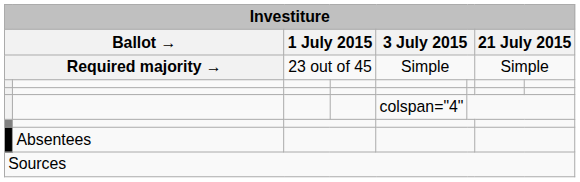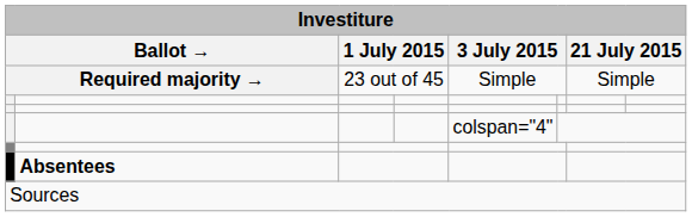 <table class="wikitable" style="text-align:center;">
 <tr bgcolor="#E9E9E9">
 <td colspan="8" align="center" bgcolor="#C0C0C0"><strong>Investiture</strong></td>
 </tr>
 <tr>
 <th colspan="2" width="275px">Ballot →</th>
 <th colspan="2">1 July 2015</th>
 <th colspan="2">3 July 2015</th>
 <th colspan="2">21 July 2015</th>
 </tr>
 <tr>
 <th colspan="2">Required majority →</th>
 <td colspan="2">23 out of 45</td>
 <td colspan="2">Simple</td>
 <td colspan="2">Simple</td>
 </tr>
 <tr>
 <th width="1px" style="background:"></th>
 <td align="left"></td>
 <td></td>
 <td></td>
 <td></td>
 <td></td>
 <td></td>
 <td></td>
 </tr>
 <tr>
 <th style="background:"></th>
 <td align="left"></td>
 <td></td>
 <td></td>
 <td></td>
 <td></td>
 <td></td>
 <td></td>
 </tr>
 <tr>
 <th style="background:"></th>
 <td align="left"></td>
 <td></td>
 <td></td>
 <td>colspan="4" </td>
 </tr>
 <tr>
 <th style="background:gray;"></th>
 <td align="left"></td>
 <td colspan="2"></td>
 <td colspan="2"></td>
 <td colspan="2"></td>
 </tr>
 <tr>
 <th style="background:black;"></th>
-<td align="left"><span>Absentees</span></td>
+<td align="left"><strong><span>Absentees</span></strong></td>
 <td colspan="2"></td>
 <td colspan="2"></td>
 <td colspan="2"></td>
 </tr>
 <tr>
 <td align="left" colspan="8">Sources</td>
 </tr>
 </table>
